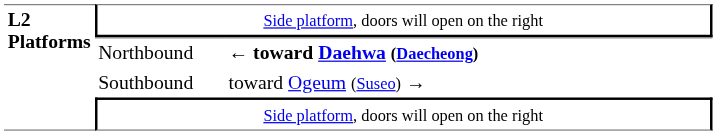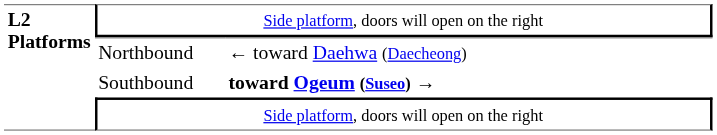 <table table border=0 cellspacing=0 cellpadding=3>
 <tr>
 <td style="border-top:solid 1px gray;border-bottom:solid 1px gray;" width=50 rowspan=10 valign=top><strong>L2<br>Platforms</strong></td>
 <td style="border-top:solid 1px gray;border-right:solid 2px black;border-left:solid 2px black;border-bottom:solid 2px black;text-align:center;" colspan=2><small><a href='#'>Side platform</a>, doors will open on the right</small></td>
 </tr>
 <tr>
 <td style="border-bottom:solid 0px gray;border-top:solid 1px gray;" width=100>Northbound</td>
-<td style="border-bottom:solid 0px gray;border-top:solid 1px gray;" width=390><strong>←  toward <a href='#'>Daehwa</a> <small>(<a href='#'>Daecheong</a>)</small></strong></td>
+<td style="border-bottom:solid 0px gray;border-top:solid 1px gray;" width=390>←  toward <a href='#'>Daehwa</a> <small>(<a href='#'>Daecheong</a>)</small></td>
 </tr>
 <tr>
 <td>Southbound</td>
-<td>  toward <a href='#'>Ogeum</a> <small>(<a href='#'>Suseo</a>)</small> →</td>
+<td><strong>  toward <a href='#'>Ogeum</a> <small>(<a href='#'>Suseo</a>)</small> →</strong></td>
 </tr>
 <tr>
 <td style="border-top:solid 2px black;border-right:solid 2px black;border-left:solid 2px black;border-bottom:solid 1px gray;text-align:center;" colspan=2><small><a href='#'>Side platform</a>, doors will open on the right</small></td>
 </tr>
 </table>
